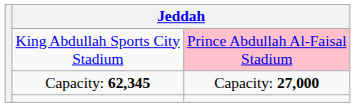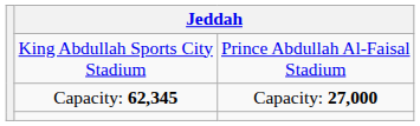 <table class="wikitable" style="margin:1em auto; text-align:center;">
 <tr>
 <th rowspan="4"></th>
 <th colspan="2"><a href='#'>Jeddah</a></th>
 </tr>
 <tr>
 <td><a href='#'>King Abdullah Sports City<br> Stadium</a></td>
-<td style="background: pink;"><a href='#'>Prince Abdullah Al-Faisal<br> Stadium</a></td>
+<td><a href='#'>Prince Abdullah Al-Faisal<br> Stadium</a></td>
 </tr>
 <tr>
 <td>Capacity: <strong>62,345</strong></td>
 <td>Capacity: <strong>27,000</strong></td>
 </tr>
 <tr>
 <td></td>
 <td></td>
 </tr>
 </table>
